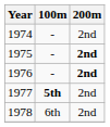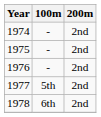 <table class=wikitable>
 <tr>
 <th>Year</th>
 <th>100m</th>
 <th>200m</th>
 </tr>
 <tr>
 <td>1974</td>
 <td align="center">-</td>
 <td align="center">2nd</td>
 </tr>
 <tr>
 <td>1975</td>
 <td align="center">-</td>
-<td align="center"><strong>2nd</strong></td>
+<td align="center">2nd</td>
 </tr>
 <tr>
 <td>1976</td>
 <td align="center">-</td>
-<td align="center"><strong>2nd</strong></td>
+<td align="center">2nd</td>
 </tr>
 <tr>
 <td>1977</td>
-<td align="center"><strong>5th</strong></td>
+<td align="center">5th</td>
 <td align="center">2nd</td>
 </tr>
 <tr>
 <td>1978</td>
 <td align="center">6th</td>
 <td align="center">2nd</td>
 </tr>
 <tr>
 </tr>
 </table>
